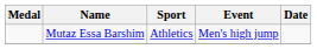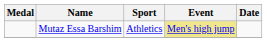 <table class="wikitable sortable" style="font-size: 95%;">
 <tr>
 <th>Medal</th>
 <th>Name</th>
 <th>Sport</th>
 <th>Event</th>
 <th>Date</th>
 </tr>
 <tr>
 <td></td>
 <td><a href='#'>Mutaz Essa Barshim</a></td>
 <td><a href='#'>Athletics</a></td>
-<td><a href='#'>Men's high jump</a></td>
+<td style="background: khaki;"><a href='#'>Men's high jump</a></td>
 <td></td>
 </tr>
 <tr>
 </tr>
 </table>
